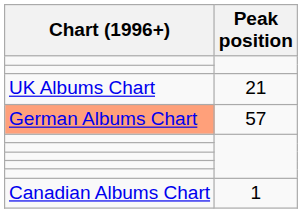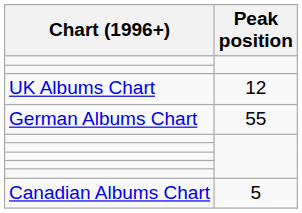 <table class="wikitable sortable">
 <tr>
 <th>Chart (1996+)</th>
 <th>Peak<br>position</th>
 </tr>
 <tr>
 <td></td>
 </tr>
 <tr>
 <td></td>
 </tr>
 <tr>
 <td><a href='#'>UK Albums Chart</a></td>
-<td align="center">21</td>
+<td align="center">12</td>
 </tr>
 <tr>
-<td style="background: lightsalmon;"><a href='#'>German Albums Chart</a></td>
-<td align="center">57</td>
+<td><a href='#'>German Albums Chart</a></td>
+<td align="center">55</td>
 </tr>
 <tr>
 <td></td>
 </tr>
 <tr>
 <td></td>
 </tr>
 <tr>
 <td></td>
 </tr>
 <tr>
 <td></td>
 </tr>
 <tr>
 <td></td>
 </tr>
 <tr>
 <td><a href='#'>Canadian Albums Chart</a></td>
-<td align="center">1</td>
+<td align="center">5</td>
 </tr>
 </table>
